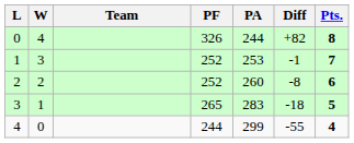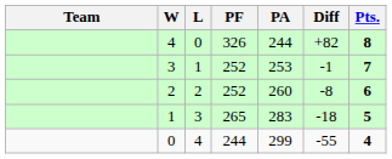 <table class=wikitable>
 <tr align=center>
+<th width=150px>Team</th>
+<th width=20px>W</th>
 <th width=20px>L</th>
-<th width=20px>W</th>
-<th width=150px>Team</th>
 <th width=40px>PF</th>
 <th width=40px>PA</th>
 <th width=40px>Diff</th>
 <th width=30px><a href='#'>Pts.</a></th>
 </tr>
 <tr align=center bgcolor="#ccffcc">
+<td align=left></td>
+<td>4</td>
 <td>0</td>
-<td>4</td>
-<td align=left></td>
 <td>326</td>
 <td>244</td>
 <td>+82</td>
 <td><strong>8</strong></td>
 </tr>
 <tr align=center bgcolor="#ccffcc">
+<td align=left></td>
+<td>3</td>
 <td>1</td>
-<td>3</td>
-<td align=left></td>
 <td>252</td>
 <td>253</td>
 <td>-1</td>
 <td><strong>7</strong></td>
 </tr>
 <tr align=center bgcolor="#ccffcc">
+<td align=left></td>
 <td>2</td>
 <td>2</td>
-<td align=left></td>
 <td>252</td>
 <td>260</td>
 <td>-8</td>
 <td><strong>6</strong></td>
 </tr>
 <tr align=center bgcolor="#ccffcc">
+<td align=left></td>
+<td>1</td>
 <td>3</td>
-<td>1</td>
-<td align=left></td>
 <td>265</td>
 <td>283</td>
 <td>-18</td>
 <td><strong>5</strong></td>
 </tr>
 <tr align=center>
+<td align=left></td>
+<td>0</td>
 <td>4</td>
-<td>0</td>
-<td align=left></td>
 <td>244</td>
 <td>299</td>
 <td>-55</td>
 <td><strong>4</strong></td>
 </tr>
 </table>
